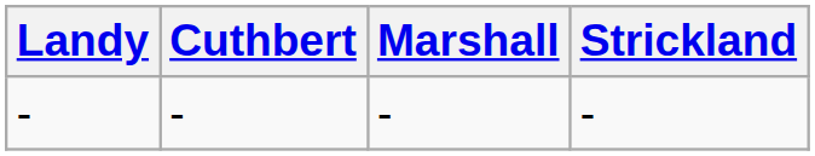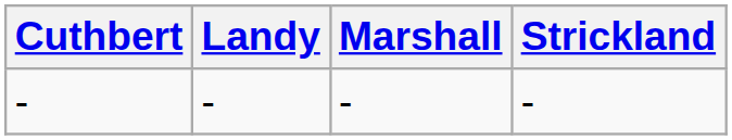 <table class="wikitable">
 <tr>
+<th><a href='#'>Cuthbert</a></th>
 <th><a href='#'>Landy</a></th>
-<th><a href='#'>Cuthbert</a></th>
 <th><a href='#'>Marshall</a></th>
 <th><a href='#'>Strickland</a></th>
 </tr>
 <tr>
 <td>-</td>
 <td>-</td>
 <td>-</td>
 <td>-</td>
 </tr>
 </table>
